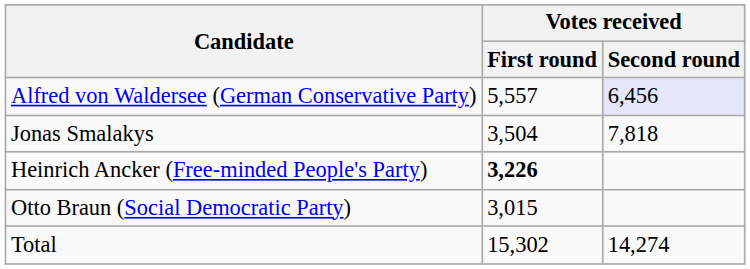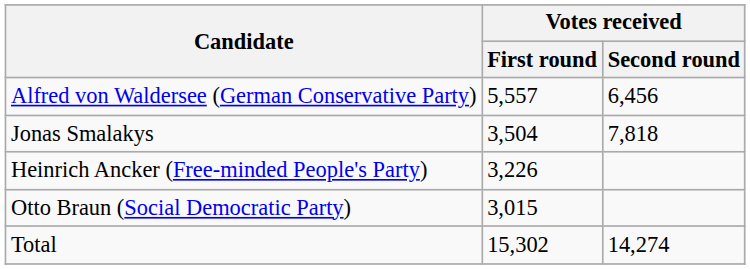 <table class=wikitable style="font-size: 85%; float: right;">
 <tr>
 <th rowspan=2>Candidate</th>
 <th colspan=2>Votes received</th>
 </tr>
 <tr>
 <th>First round</th>
 <th>Second round</th>
 </tr>
 <tr>
 <td><a href='#'>Alfred von Waldersee</a> (<a href='#'>German Conservative Party</a>)</td>
 <td>5,557</td>
-<td style="background: lavender;">6,456</td>
+<td>6,456</td>
 </tr>
 <tr>
 <td>Jonas Smalakys</td>
 <td>3,504</td>
 <td>7,818</td>
 </tr>
 <tr>
 <td>Heinrich Ancker (<a href='#'>Free-minded People's Party</a>)</td>
-<td><strong>3,226</strong></td>
+<td>3,226</td>
 <td> </td>
 </tr>
 <tr>
 <td>Otto Braun (<a href='#'>Social Democratic Party</a>)</td>
 <td>3,015</td>
 <td> </td>
 </tr>
 <tr>
 <td>Total</td>
 <td>15,302</td>
 <td>14,274</td>
 </tr>
 </table>
